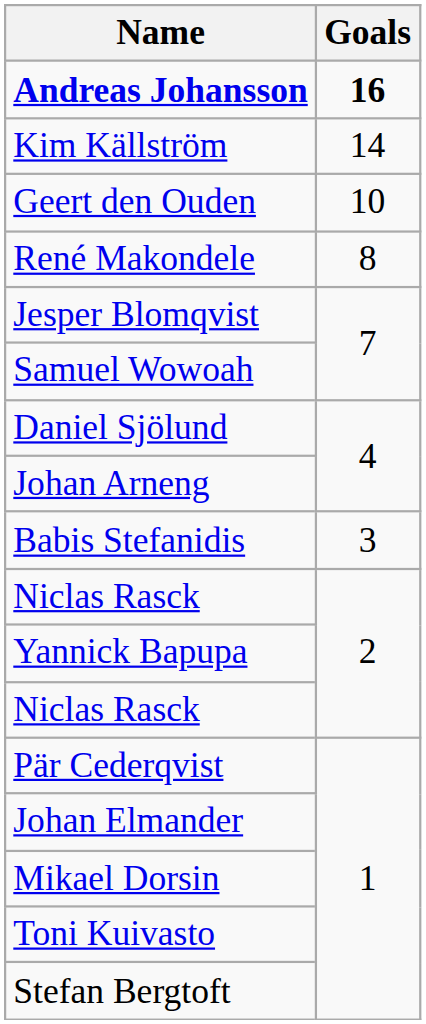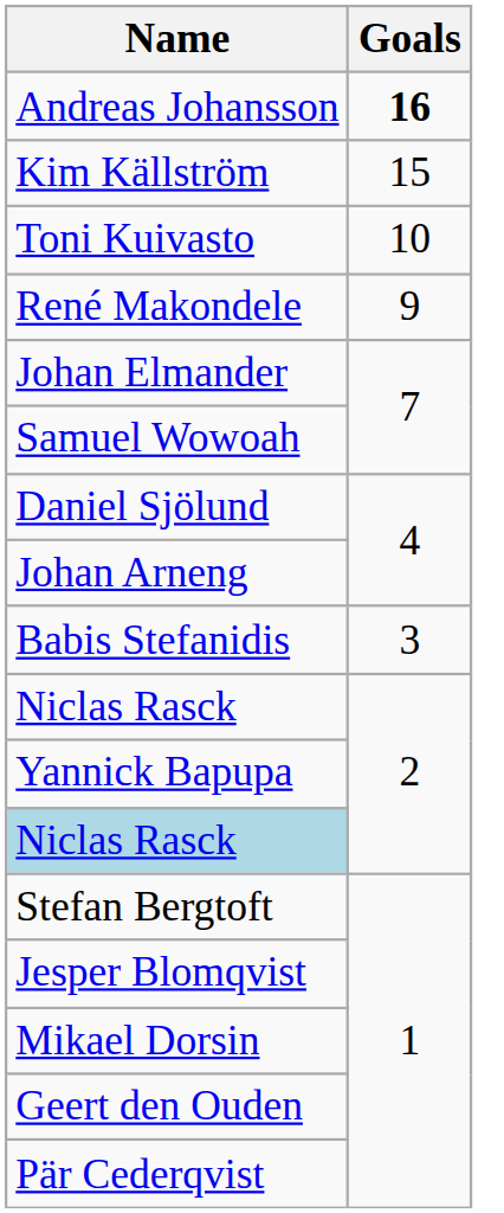 <table class="wikitable">
 <tr>
 <th>Name</th>
 <th>Goals</th>
 </tr>
 <tr>
-<td><strong> <a href='#'>Andreas Johansson</a></strong></td>
+<td> <a href='#'>Andreas Johansson</a></td>
 <td align=center><strong>16</strong></td>
 </tr>
 <tr>
 <td> <a href='#'>Kim Källström</a></td>
-<td align=center>14</td>
+<td align=center>15</td>
 </tr>
 <tr>
-<td> <a href='#'>Geert den Ouden</a></td>
+<td> <a href='#'>Toni Kuivasto</a></td>
 <td align=center>10</td>
 </tr>
 <tr>
 <td> <a href='#'>René Makondele</a></td>
-<td align=center>8</td>
+<td align=center>9</td>
 </tr>
 <tr>
-<td> <a href='#'>Jesper Blomqvist</a></td>
+<td> <a href='#'>Johan Elmander</a></td>
 <td rowspan="2" style="text-align:center;">7</td>
 </tr>
 <tr>
 <td> <a href='#'>Samuel Wowoah</a></td>
 </tr>
 <tr>
 <td> <a href='#'>Daniel Sjölund</a></td>
 <td rowspan="2" style="text-align:center;">4</td>
 </tr>
 <tr>
 <td> <a href='#'>Johan Arneng</a></td>
 </tr>
 <tr>
 <td> <a href='#'>Babis Stefanidis</a></td>
 <td align=center>3</td>
 </tr>
 <tr>
 <td> <a href='#'>Niclas Rasck</a></td>
 <td rowspan="3" style="text-align:center;">2</td>
 </tr>
 <tr>
 <td> <a href='#'>Yannick Bapupa</a></td>
 </tr>
 <tr>
-<td> <a href='#'>Niclas Rasck</a></td>
+<td style="background: lightblue;"> <a href='#'>Niclas Rasck</a></td>
 </tr>
 <tr>
-<td> <a href='#'>Pär Cederqvist</a></td>
+<td> Stefan Bergtoft</td>
 <td rowspan="5" style="text-align:center;">1</td>
 </tr>
 <tr>
-<td> <a href='#'>Johan Elmander</a></td>
+<td> <a href='#'>Jesper Blomqvist</a></td>
 </tr>
 <tr>
 <td> <a href='#'>Mikael Dorsin</a></td>
 </tr>
 <tr>
-<td> <a href='#'>Toni Kuivasto</a></td>
+<td> <a href='#'>Geert den Ouden</a></td>
 </tr>
 <tr>
-<td> Stefan Bergtoft</td>
+<td> <a href='#'>Pär Cederqvist</a></td>
 </tr>
 </table>
